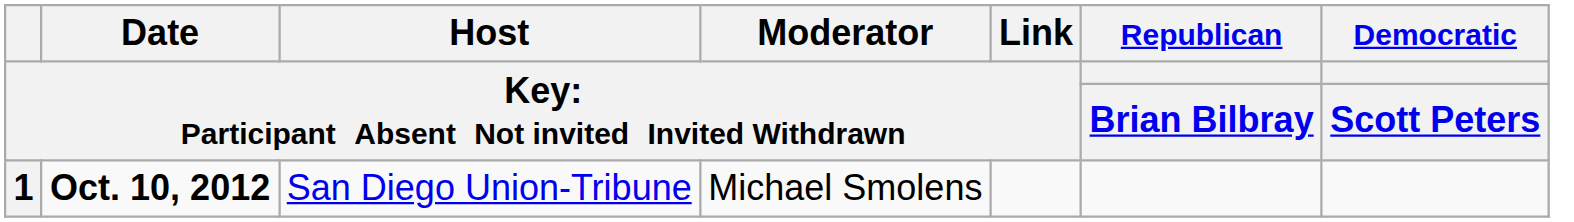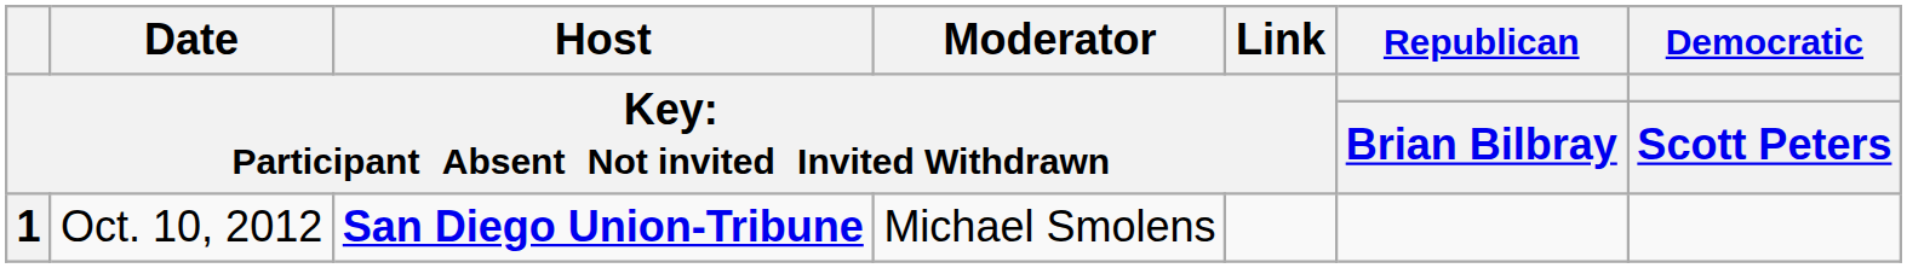 <table class="wikitable" style="text-align:center;">
 <tr>
 <th scope="col"></th>
 <th scope="col">Date</th>
 <th scope="col">Host</th>
 <th scope="col">Moderator</th>
 <th scope="col">Link</th>
 <th scope="col"><small><a href='#'>Republican</a></small></th>
 <th scope="col"><small><a href='#'>Democratic</a></small></th>
 </tr>
 <tr>
 <th colspan="5" rowspan="2">Key:<br> <small>Participant </small>  <small>Absent </small>  <small>Not invited </small>  <small>Invited  Withdrawn</small></th>
 <th scope="col" style="background:"></th>
 <th scope="col" style="background:"></th>
 </tr>
 <tr>
 <th scope="col"><a href='#'>Brian Bilbray</a></th>
 <th scope="col"><a href='#'>Scott Peters</a></th>
 </tr>
 <tr>
 <th>1</th>
-<td style="white-space:nowrap;"><strong>Oct. 10, 2012</strong></td>
-<td style="white-space:nowrap;"><a href='#'>San Diego Union-Tribune</a></td>
+<td style="white-space:nowrap;">Oct. 10, 2012</td>
+<td style="white-space:nowrap;"><strong><a href='#'>San Diego Union-Tribune</a></strong></td>
 <td style="white-space:nowrap;">Michael Smolens</td>
 <td style="white-space:nowrap;"></td>
 <td></td>
 <td></td>
 </tr>
 </table>
